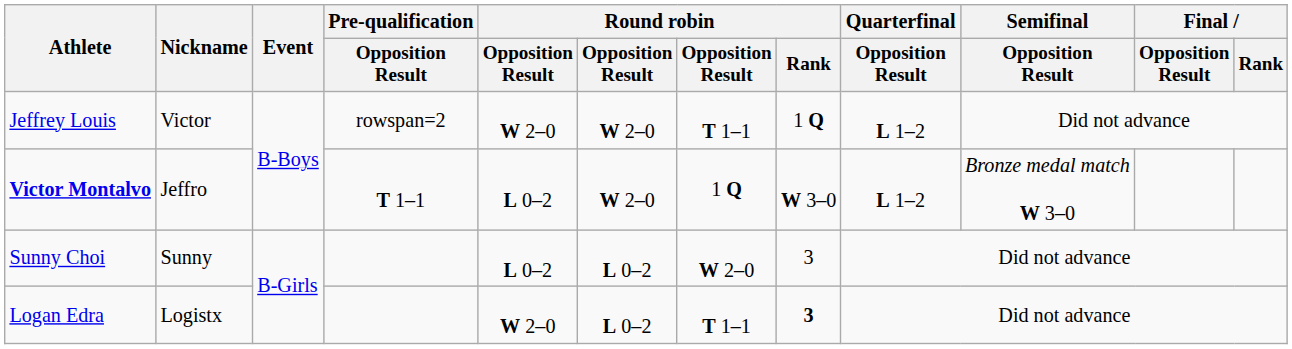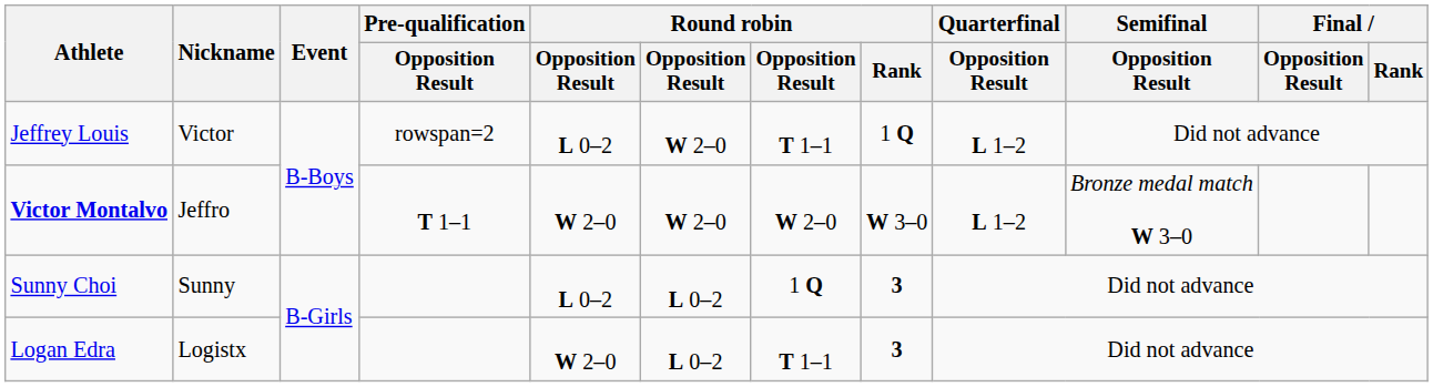 <table class=wikitable style=font-size:90%;text-align:center>
 <tr>
 <th rowspan=2>Athlete</th>
 <th rowspan=2>Nickname</th>
 <th rowspan=2>Event</th>
 <th>Pre-qualification</th>
 <th colspan=4>Round robin</th>
 <th>Quarterfinal</th>
 <th>Semifinal</th>
 <th colspan=2>Final / </th>
 </tr>
 <tr style="font-size: 95%">
 <th>Opposition<br>Result</th>
 <th>Opposition<br>Result</th>
 <th>Opposition<br>Result</th>
 <th>Opposition<br>Result</th>
 <th>Rank</th>
 <th>Opposition<br>Result</th>
 <th>Opposition<br>Result</th>
 <th>Opposition<br>Result</th>
 <th>Rank</th>
 </tr>
 <tr>
 <td align=left><a href='#'>Jeffrey Louis</a></td>
 <td align=left>Victor</td>
 <td align=left rowspan=2><a href='#'>B-Boys</a></td>
 <td>rowspan=2 </td>
-<td><br><strong>W</strong> 2–0</td>
+<td><br><strong>L</strong> 0–2</td>
 <td><br><strong>W</strong> 2–0</td>
 <td><br><strong>T</strong> 1–1</td>
 <td>1 <strong>Q</strong></td>
 <td><br><strong>L</strong> 1–2</td>
 <td colspan=3>Did not advance</td>
 </tr>
 <tr>
 <td align=left><strong><a href='#'>Victor Montalvo</a></strong></td>
 <td align=left>Jeffro</td>
 <td><br><strong>T</strong> 1–1</td>
-<td><br><strong>L</strong> 0–2</td>
 <td><br><strong>W</strong> 2–0</td>
-<td>1 <strong>Q</strong></td>
+<td><br><strong>W</strong> 2–0</td>
+<td><br><strong>W</strong> 2–0</td>
 <td><br><strong>W</strong> 3–0</td>
 <td><br><strong>L</strong> 1–2</td>
 <td><em>Bronze medal match</em><br><br><strong>W</strong> 3–0</td>
 <td></td>
 </tr>
 <tr>
 <td align=left><a href='#'>Sunny Choi</a></td>
 <td align=left>Sunny</td>
 <td align=left rowspan=2><a href='#'>B-Girls</a></td>
 <td></td>
 <td><br><strong>L</strong> 0–2</td>
 <td><br><strong>L</strong> 0–2</td>
-<td><br><strong>W</strong> 2–0</td>
-<td>3</td>
+<td>1 <strong>Q</strong></td>
+<td><strong>3</strong></td>
 <td colspan=4>Did not advance</td>
 </tr>
 <tr>
 <td align=left><a href='#'>Logan Edra</a></td>
 <td align=left>Logistx</td>
 <td></td>
 <td><br><strong>W</strong> 2–0</td>
 <td><br><strong>L</strong> 0–2</td>
 <td><br><strong>T</strong> 1–1</td>
 <td><strong>3</strong></td>
 <td colspan=4>Did not advance</td>
 </tr>
 </table>
